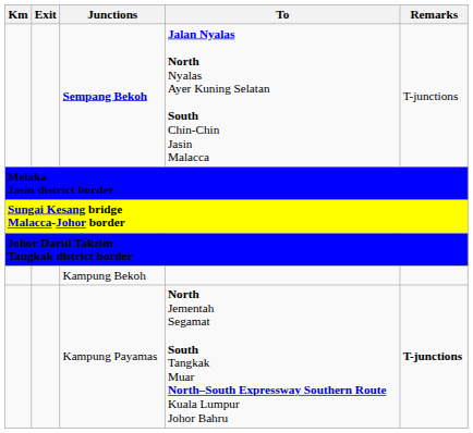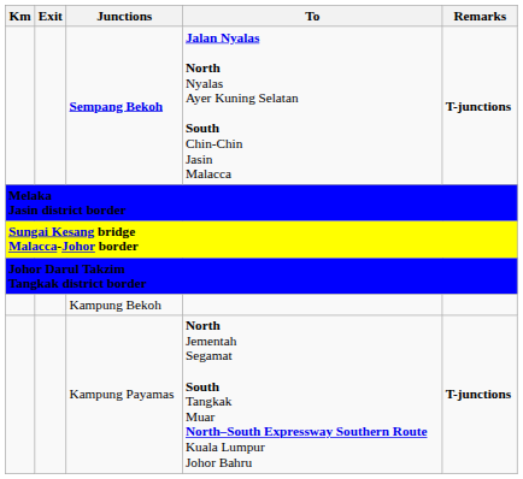 <table class="wikitable">
 <tr>
 <th>Km</th>
 <th>Exit</th>
 <th>Junctions</th>
 <th>To</th>
 <th>Remarks</th>
 </tr>
 <tr>
 <td></td>
 <td></td>
 <td><strong><a href='#'>Sempang Bekoh</a></strong></td>
 <td> <strong><a href='#'>Jalan Nyalas</a></strong><br><br><strong>North</strong><br>Nyalas<br>Ayer Kuning Selatan<br><br><strong>South</strong><br>Chin-Chin<br>Jasin<br>Malacca</td>
-<td>T-junctions</td>
+<td><strong>T-junctions</strong></td>
 </tr>
 <tr>
 <td style="width:600px" colspan="6" style="text-align:center" bgcolor="blue"><strong><span>Melaka<br>Jasin district border</span></strong></td>
 </tr>
 <tr>
 <td style="width:600px" colspan="6" style="text-align:center" bgcolor="yellow"><strong><span><a href='#'>Sungai Kesang</a> bridge<br><a href='#'>Malacca</a>-<a href='#'>Johor</a> border</span></strong></td>
 </tr>
 <tr>
 <td style="width:600px" colspan="6" style="text-align:center" bgcolor="blue"><strong><span>Johor Darul Takzim<br>Tangkak district border</span></strong></td>
 </tr>
 <tr>
 <td></td>
 <td></td>
 <td>Kampung Bekoh</td>
 <td></td>
 <td></td>
 </tr>
 <tr>
 <td></td>
 <td></td>
 <td>Kampung Payamas</td>
 <td><strong>North</strong><br> Jementah<br> Segamat<br><br><strong>South</strong><br> Tangkak<br> Muar<br>  <strong><a href='#'>North–South Expressway Southern Route</a></strong><br>Kuala Lumpur<br>Johor Bahru</td>
 <td><strong>T-junctions</strong></td>
 </tr>
 </table>
